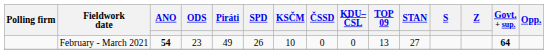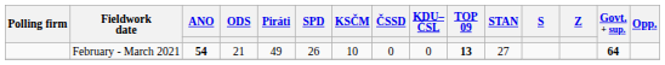 <table class="wikitable sortable mw-datatable" style="text-align:center;font-size:90%;line-height:14px;">
 <tr style="height:40px;">
 <th rowspan="2">Polling firm</th>
 <th rowspan="2">Fieldwork<br>date</th>
 <th class="unsortable" style="width:40px;"><a href='#'>ANO</a></th>
 <th class="unsortable" style="width:40px;"><a href='#'>ODS</a></th>
 <th class="unsortable" style="width:40px;"><a href='#'>Piráti</a></th>
 <th class="unsortable" style="width:40px;"><a href='#'>SPD</a></th>
 <th class="unsortable" style="width:40px;"><a href='#'>KSČM</a></th>
 <th class="unsortable" style="width:40px;"><a href='#'>ČSSD</a></th>
 <th class="unsortable" style="width:40px;"><a href='#'>KDU–<br>ČSL</a></th>
 <th class="unsortable" style="width:40px;"><a href='#'>TOP 09</a></th>
 <th class="unsortable" style="width:40px;"><a href='#'>STAN</a></th>
 <th class="unsortable" style="width:40px;"><a href='#'>S</a></th>
 <th class="unsortable" style="width:40px;"><a href='#'>Z</a></th>
 <th rowspan="2"><a href='#'>Govt.</a><br><small>+ <a href='#'>sup.</a></small></th>
 <th rowspan="2"><a href='#'>Opp.</a></th>
 </tr>
 <tr>
 <th class="unsortable" style="color:inherit;background:"></th>
 <th class="unsortable" style="color:inherit;background:"></th>
 <th class="unsortable" style="color:inherit;background:"></th>
 <th class="unsortable" style="color:inherit;background:"></th>
 <th class="unsortable" style="color:inherit;background:"></th>
 <th class="unsortable" style="color:inherit;background:"></th>
 <th class="unsortable" style="color:inherit;background:"></th>
 <th class="unsortable" style="color:inherit;background:"></th>
 <th class="unsortable" style="color:inherit;background:"></th>
 <th class="unsortable" style="color:inherit;background:"></th>
 <th class="unsortable" style="color:inherit;background:"></th>
 </tr>
 <tr>
 <td></td>
 <td>February - March 2021</td>
 <td><strong>54</strong></td>
-<td>23</td>
+<td>21</td>
 <td>49</td>
 <td>26</td>
 <td>10</td>
 <td>0</td>
 <td>0</td>
-<td>13</td>
+<td><strong>13</strong></td>
 <td>27</td>
 <td></td>
 <td></td>
 <td><strong>64</strong></td>
 <td></td>
 </tr>
 <tr>
 </tr>
 </table>
